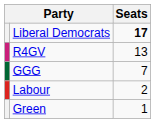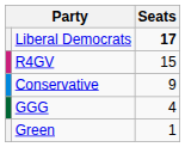 <table class="wikitable">
 <tr>
 <th colspan=2>Party</th>
 <th>Seats</th>
 </tr>
 <tr>
 <th style="background-color: "></th>
 <td><a href='#'>Liberal Democrats</a></td>
 <td align=right><strong>17</strong></td>
 </tr>
 <tr>
 <th style="background-color: #CA1F7B"></th>
 <td><a href='#'>R4GV</a></td>
-<td align=right>13</td>
+<td align=right>15</td>
+</tr>
+<tr>
+<th style="background-color: #0087DC"></th>
+<td><a href='#'>Conservative</a></td>
+<td align=right>9</td>
 </tr>
 <tr>
 <th style="background-color: #006633"></th>
 <td><a href='#'>GGG</a></td>
-<td align=right>7</td>
-</tr>
-<tr>
-<th style="background-color: #DC241f"></th>
-<td><a href='#'>Labour</a></td>
-<td align=right>2</td>
+<td align=right>4</td>
 </tr>
 <tr>
 <th style="background-color: "></th>
 <td><a href='#'>Green</a></td>
 <td align=right>1</td>
 </tr>
 </table>
